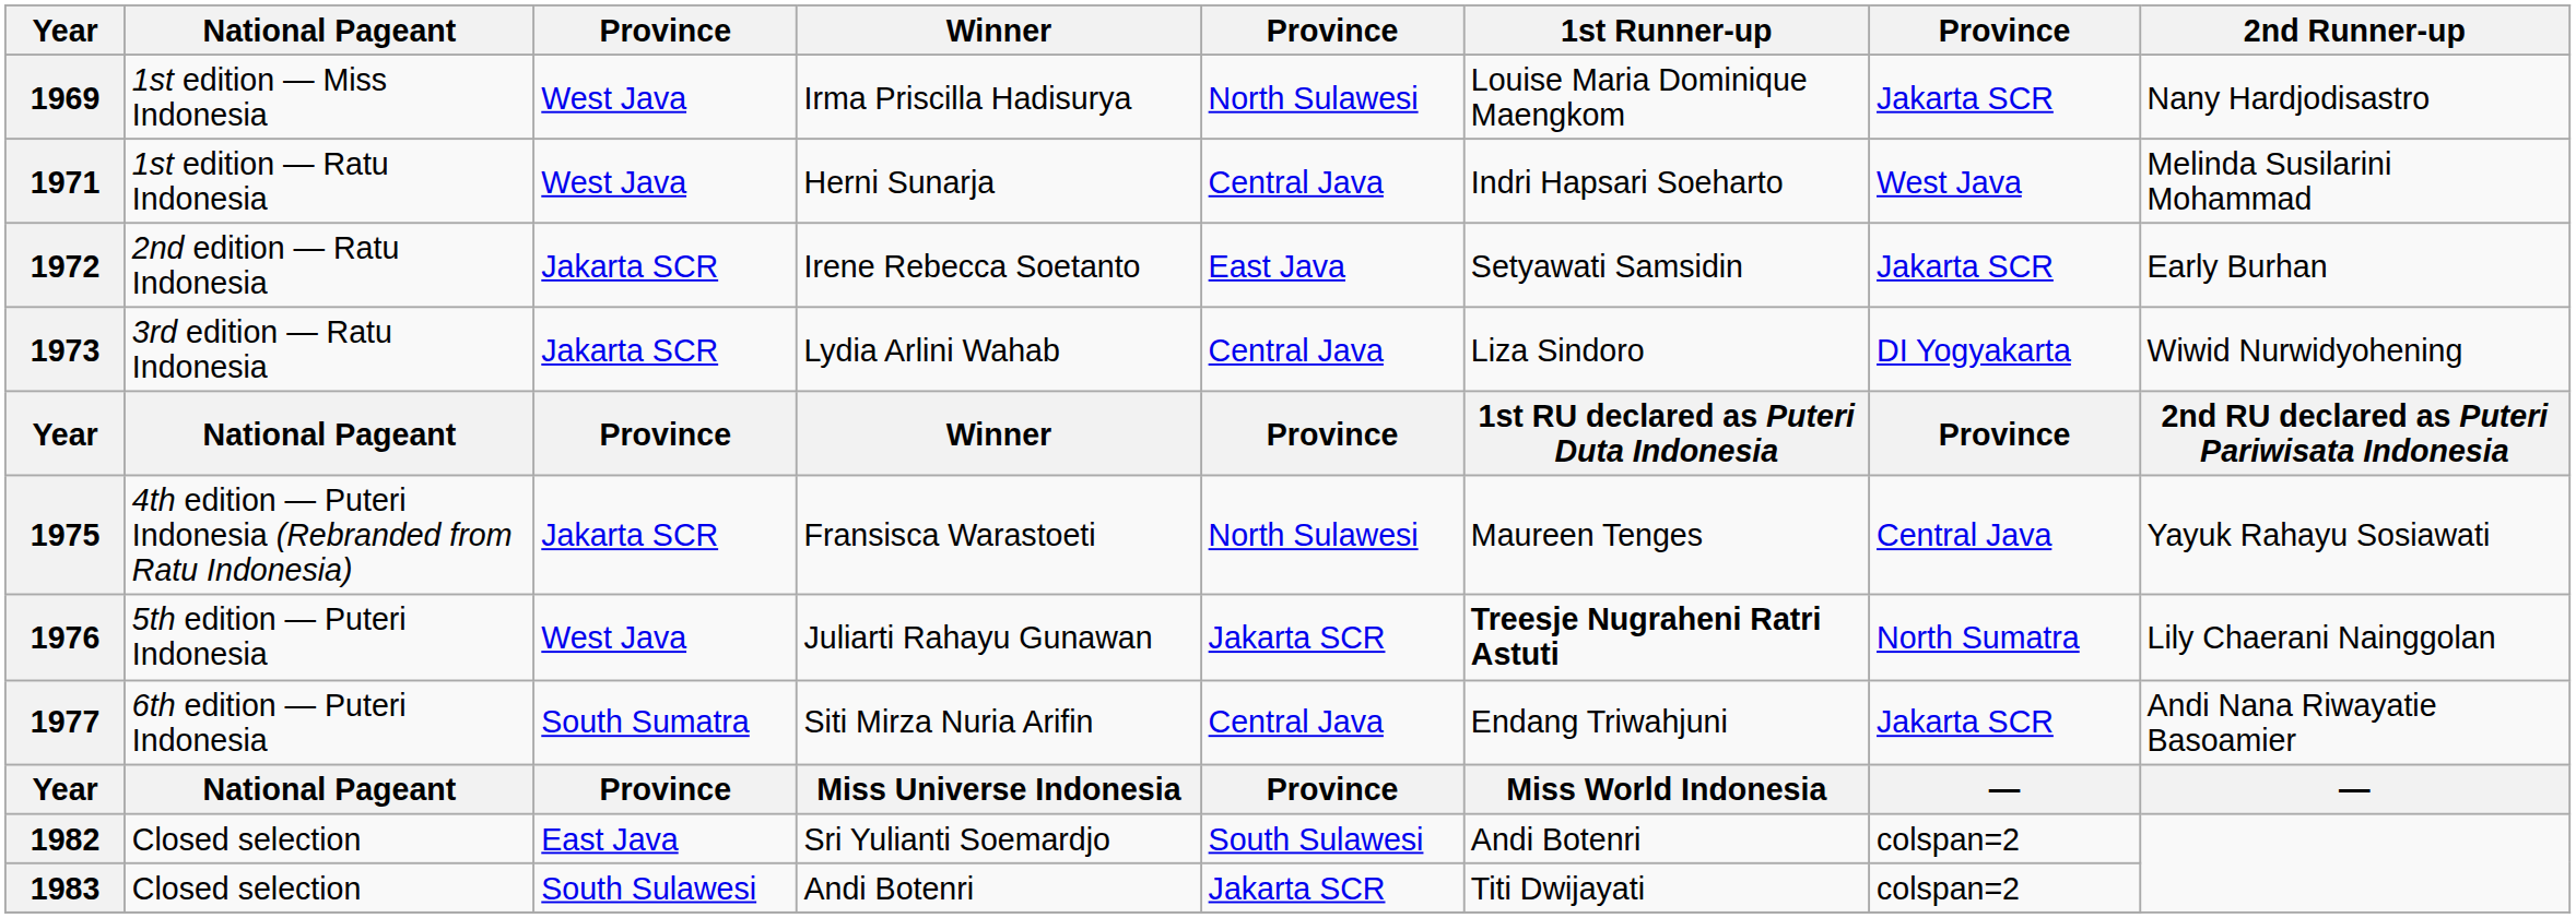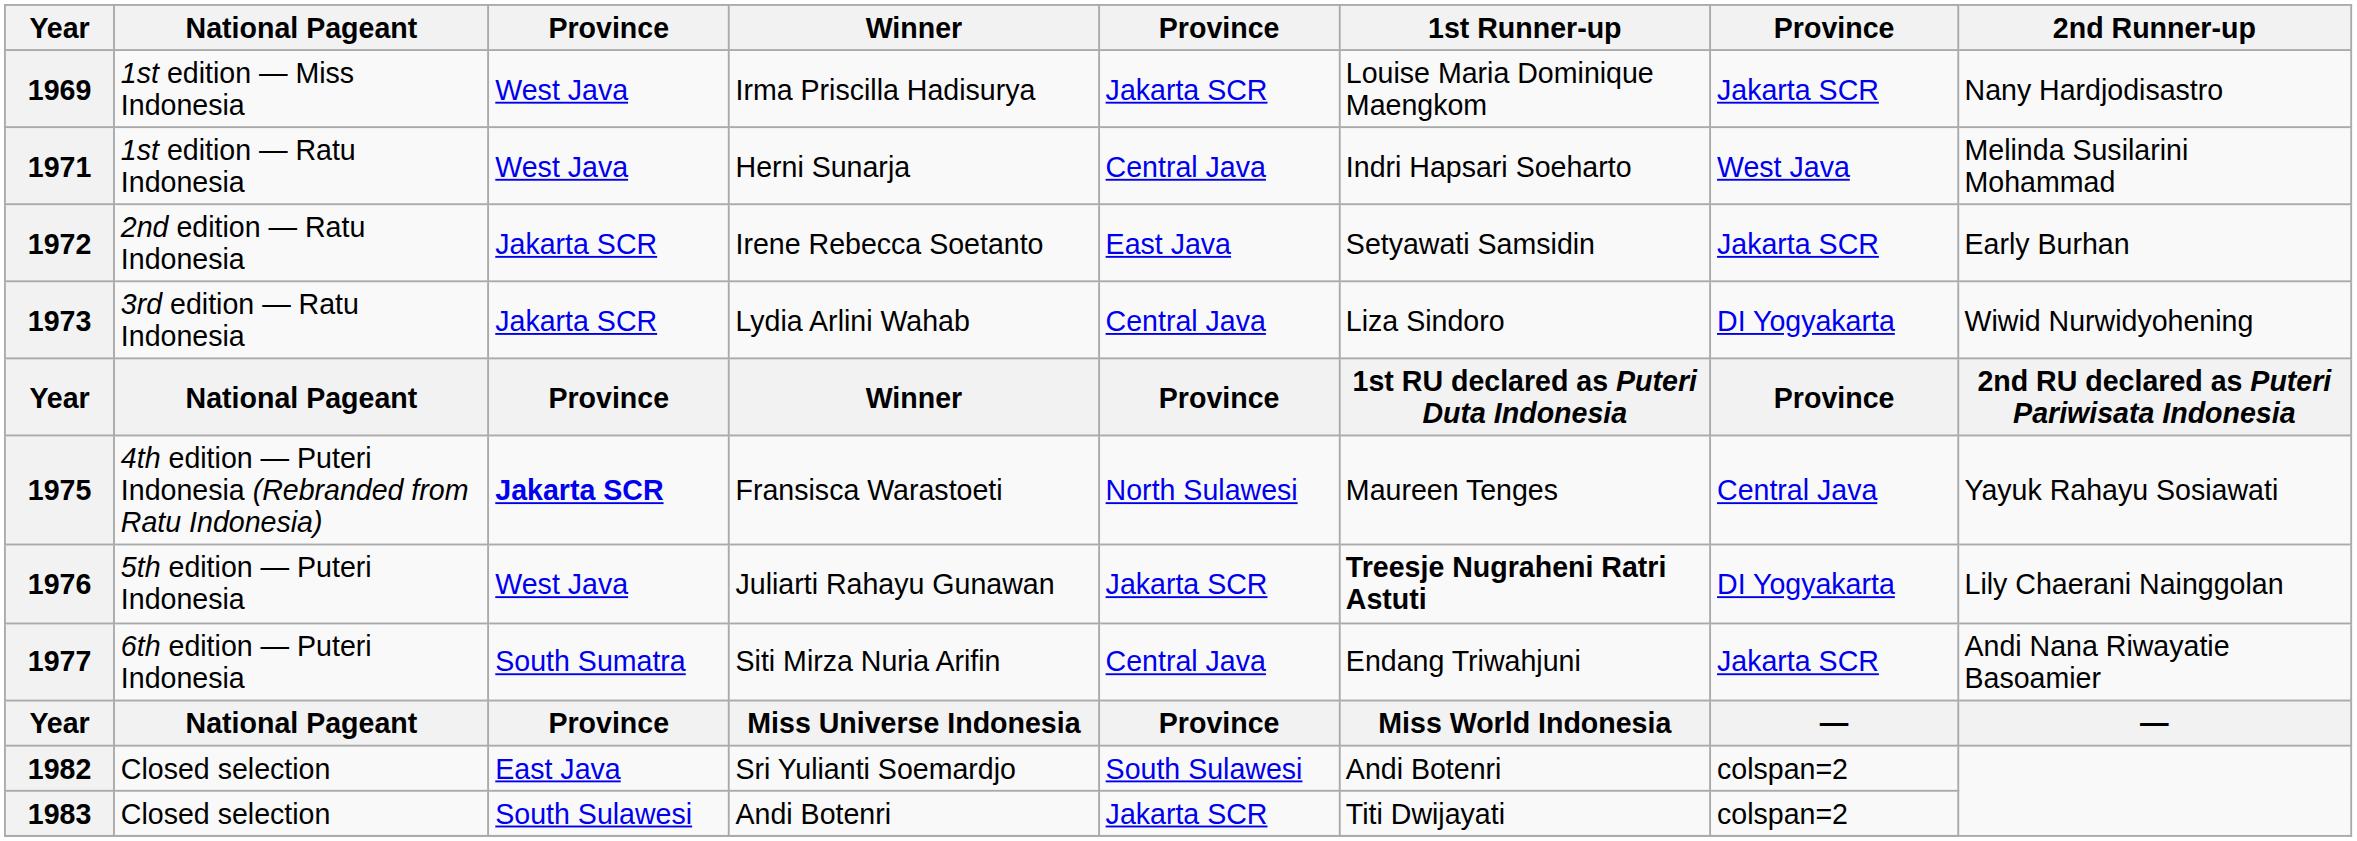 <table class="wikitable " style="font-size: 95%;">
 <tr>
 <th width="60">Year</th>
 <th width="250">National Pageant</th>
 <th width="150">Province</th>
 <th width="250">Winner</th>
 <th width="150">Province</th>
 <th width="250">1st Runner-up</th>
 <th width="150">Province</th>
 <th width="250">2nd Runner-up</th>
 </tr>
 <tr>
 <th>1969</th>
 <td><em>1st</em> edition ― Miss Indonesia</td>
 <td><a href='#'>West Java</a></td>
 <td>Irma Priscilla Hadisurya</td>
-<td><a href='#'>North Sulawesi</a></td>
+<td><a href='#'>Jakarta SCR</a></td>
 <td>Louise Maria Dominique Maengkom</td>
 <td><a href='#'>Jakarta SCR</a></td>
 <td>Nany Hardjodisastro</td>
 </tr>
 <tr>
 <th>1971</th>
 <td><em>1st</em> edition ― Ratu Indonesia</td>
 <td><a href='#'>West Java</a></td>
 <td>Herni Sunarja</td>
 <td><a href='#'>Central Java</a></td>
 <td>Indri Hapsari Soeharto</td>
 <td><a href='#'>West Java</a></td>
 <td>Melinda Susilarini Mohammad</td>
 </tr>
 <tr>
 <th>1972</th>
 <td><em>2nd</em> edition ― Ratu Indonesia</td>
 <td><a href='#'>Jakarta SCR</a></td>
 <td>Irene Rebecca Soetanto</td>
 <td><a href='#'>East Java</a></td>
 <td>Setyawati Samsidin</td>
 <td><a href='#'>Jakarta SCR</a></td>
 <td>Early Burhan</td>
 </tr>
 <tr>
 <th>1973</th>
 <td><em>3rd</em> edition ― Ratu Indonesia</td>
 <td><a href='#'>Jakarta SCR</a></td>
 <td>Lydia Arlini Wahab</td>
 <td><a href='#'>Central Java</a></td>
 <td>Liza Sindoro</td>
 <td><a href='#'>DI Yogyakarta</a></td>
 <td>Wiwid Nurwidyohening</td>
 </tr>
 <tr>
 <th width="60">Year</th>
 <th width="250">National Pageant</th>
 <th width="150">Province</th>
 <th width="250">Winner</th>
 <th width="150">Province</th>
 <th width="250">1st RU declared as <em>Puteri Duta Indonesia</em></th>
 <th width="150">Province</th>
 <th width="250">2nd RU declared as <em>Puteri Pariwisata Indonesia</em></th>
 </tr>
 <tr>
 <th>1975</th>
 <td><em>4th</em> edition ― Puteri Indonesia <em>(Rebranded from Ratu Indonesia)</em></td>
-<td><a href='#'>Jakarta SCR</a></td>
+<td><strong><a href='#'>Jakarta SCR</a></strong></td>
 <td>Fransisca Warastoeti</td>
 <td><a href='#'>North Sulawesi</a></td>
 <td>Maureen Tenges</td>
 <td><a href='#'>Central Java</a></td>
 <td>Yayuk Rahayu Sosiawati</td>
 </tr>
 <tr>
 <th>1976</th>
 <td><em>5th</em> edition ― Puteri Indonesia</td>
 <td><a href='#'>West Java</a></td>
 <td>Juliarti Rahayu Gunawan</td>
 <td><a href='#'>Jakarta SCR</a></td>
 <td><strong>Treesje Nugraheni Ratri Astuti</strong></td>
-<td><a href='#'>North Sumatra</a></td>
+<td><a href='#'>DI Yogyakarta</a></td>
 <td>Lily Chaerani Nainggolan</td>
 </tr>
 <tr>
 <th>1977</th>
 <td><em>6th</em> edition ― Puteri Indonesia</td>
 <td><a href='#'>South Sumatra</a></td>
 <td>Siti Mirza Nuria Arifin</td>
 <td><a href='#'>Central Java</a></td>
 <td>Endang Triwahjuni</td>
 <td><a href='#'>Jakarta SCR</a></td>
 <td>Andi Nana Riwayatie Basoamier</td>
 </tr>
 <tr>
 <th width="60">Year</th>
 <th width="250">National Pageant</th>
 <th width="150">Province</th>
 <th width="250">Miss Universe Indonesia</th>
 <th width="150">Province</th>
 <th width="250">Miss World Indonesia</th>
 <th width="150">―</th>
 <th width="250">―</th>
 </tr>
 <tr>
 <th>1982</th>
 <td>Closed selection</td>
 <td><a href='#'>East Java</a></td>
 <td>Sri Yulianti Soemardjo</td>
 <td><a href='#'>South Sulawesi</a></td>
 <td>Andi Botenri</td>
 <td>colspan=2 </td>
 </tr>
 <tr>
 <th>1983</th>
 <td>Closed selection</td>
 <td><a href='#'>South Sulawesi</a></td>
 <td>Andi Botenri</td>
 <td><a href='#'>Jakarta SCR</a></td>
 <td>Titi Dwijayati</td>
 <td>colspan=2 </td>
 </tr>
 <tr>
 </tr>
 </table>
